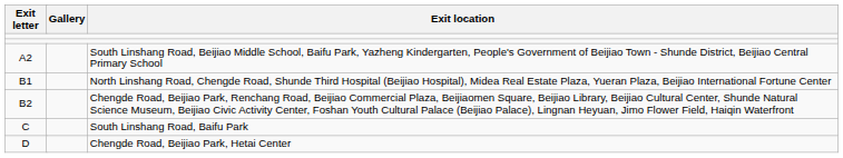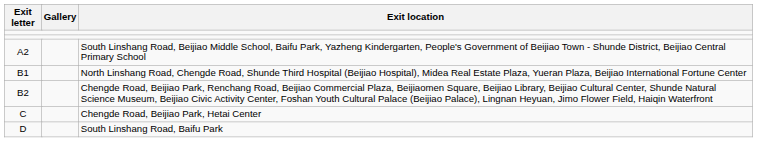 <table class="wikitable">
 <tr>
 <th colspan=2 style="width:70px">Exit letter</th>
 <th>Gallery</th>
 <th>Exit location</th>
 </tr>
 <tr style="background:#">
 <td colspan="4"></td>
 </tr>
 <tr style="background:#">
 <td colspan="4"></td>
 </tr>
 <tr>
 <td colspan=2 align=center>A2</td>
 <td></td>
 <td>South Linshang Road, Beijiao Middle School, Baifu Park, Yazheng Kindergarten, People's Government of Beijiao Town - Shunde District, Beijiao Central Primary School</td>
 </tr>
 <tr>
 <td colspan=2 align=center>B1</td>
 <td></td>
 <td>North Linshang Road, Chengde Road, Shunde Third Hospital (Beijiao Hospital), Midea Real Estate Plaza, Yueran Plaza, Beijiao International Fortune Center</td>
 </tr>
 <tr>
 <td colspan=2 align=center>B2</td>
 <td></td>
 <td>Chengde Road, Beijiao Park, Renchang Road, Beijiao Commercial Plaza, Beijiaomen Square, Beijiao Library, Beijiao Cultural Center, Shunde Natural Science Museum, Beijiao Civic Activity Center, Foshan Youth Cultural Palace (Beijiao Palace), Lingnan Heyuan, Jimo Flower Field, Haiqin Waterfront</td>
 </tr>
 <tr>
 <td colspan=2 align=center>C</td>
 <td></td>
-<td>South Linshang Road, Baifu Park</td>
+<td>Chengde Road, Beijiao Park, Hetai Center</td>
 </tr>
 <tr>
 <td colspan=2 align=center>D</td>
 <td></td>
-<td>Chengde Road, Beijiao Park, Hetai Center</td>
+<td>South Linshang Road, Baifu Park</td>
 </tr>
 </table>
